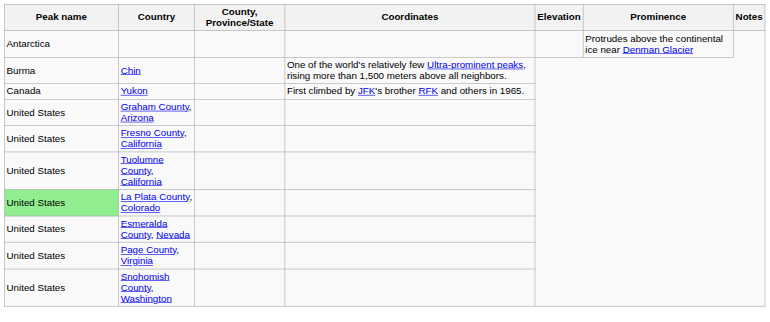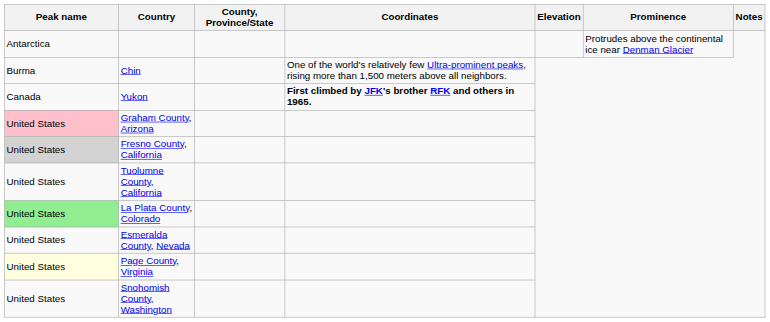 <table class="wikitable sortable">
 <tr>
 <th width=15%>Peak name</th>
 <th width=10%>Country</th>
 <th>County, Province/State</th>
 <th>Coordinates</th>
 <th>Elevation</th>
 <th>Prominence</th>
 <th>Notes</th>
 </tr>
 <tr>
 <td>Antarctica</td>
 <td></td>
 <td><small></small></td>
 <td></td>
 <td></td>
 <td>Protrudes above the continental ice near <a href='#'>Denman Glacier</a></td>
 </tr>
 <tr>
 <td>Burma</td>
 <td><a href='#'>Chin</a></td>
 <td><small></small><br> </td>
 <td>One of the world's relatively few <a href='#'>Ultra-prominent peaks</a>, rising more than 1,500 meters above all neighbors.</td>
 </tr>
 <tr>
 <td>Canada</td>
 <td><a href='#'>Yukon</a></td>
 <td><small></small><br> </td>
-<td>First climbed by <a href='#'>JFK</a>'s brother <a href='#'>RFK</a> and others in 1965.</td>
+<td><strong>First climbed by <a href='#'>JFK</a>'s brother <a href='#'>RFK</a> and others in 1965.</strong></td>
 </tr>
 <tr>
-<td>United States</td>
+<td style="background: pink;">United States</td>
 <td><a href='#'>Graham County</a>, <a href='#'>Arizona</a></td>
 <td><small></small><br> </td>
 <td></td>
 </tr>
 <tr>
-<td>United States</td>
+<td style="background: lightgrey;">United States</td>
 <td><a href='#'>Fresno County</a>, <a href='#'>California</a></td>
 <td><small></small><br> </td>
 <td></td>
 </tr>
 <tr>
 <td>United States</td>
 <td><a href='#'>Tuolumne County</a>, <a href='#'>California</a></td>
 <td><small></small><br> </td>
 <td></td>
 </tr>
 <tr>
 <td style="background: lightgreen;">United States</td>
 <td><a href='#'>La Plata County</a>, <a href='#'>Colorado</a></td>
 <td><small></small><br> </td>
 <td></td>
 </tr>
 <tr>
 <td>United States</td>
 <td><a href='#'>Esmeralda County</a>, <a href='#'>Nevada</a></td>
 <td><small></small><br> </td>
 <td></td>
 </tr>
 <tr>
-<td>United States</td>
+<td style="background: lightyellow;">United States</td>
 <td><a href='#'>Page County</a>, <a href='#'>Virginia</a></td>
 <td><small></small><br> </td>
 <td></td>
 </tr>
 <tr>
 <td>United States</td>
 <td><a href='#'>Snohomish County</a>, <a href='#'>Washington</a></td>
 <td><small></small><br> </td>
 <td></td>
 </tr>
 </table>
